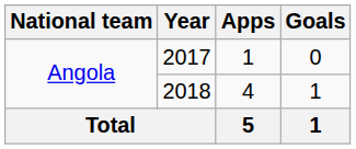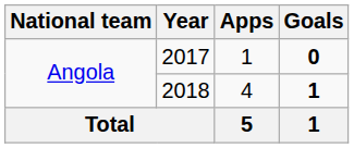 <table class="wikitable" style="text-align:center">
 <tr>
 <th>National team</th>
 <th>Year</th>
 <th>Apps</th>
 <th>Goals</th>
 </tr>
 <tr>
 <td rowspan="2"><a href='#'>Angola</a></td>
 <td>2017</td>
 <td>1</td>
-<td>0</td>
+<td><strong>0</strong></td>
 </tr>
 <tr>
 <td>2018</td>
 <td>4</td>
-<td>1</td>
+<td><strong>1</strong></td>
 </tr>
 <tr>
 <th colspan=2>Total</th>
 <th>5</th>
 <th>1</th>
 </tr>
 </table>
